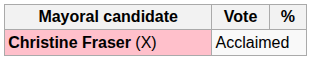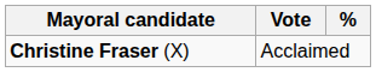 <table class="wikitable">
 <tr>
 <th width="200px">Mayoral candidate</th>
 <th width="50px">Vote</th>
 <th width="30px">%</th>
 </tr>
 <tr>
-<td style="background: pink;"><strong>Christine Fraser</strong> (X) </td>
+<td><strong>Christine Fraser</strong> (X) </td>
 <td colspan="2">Acclaimed</td>
 </tr>
 </table>
